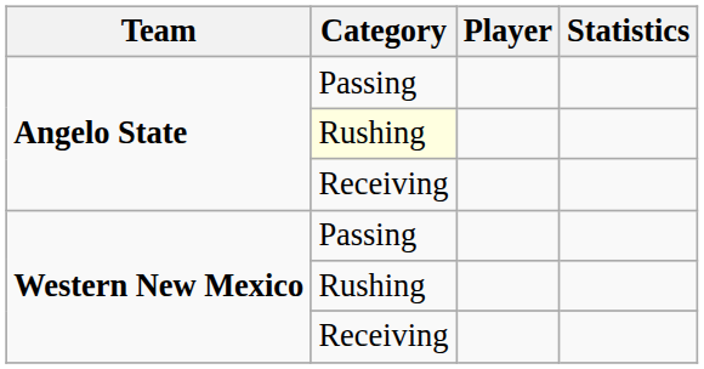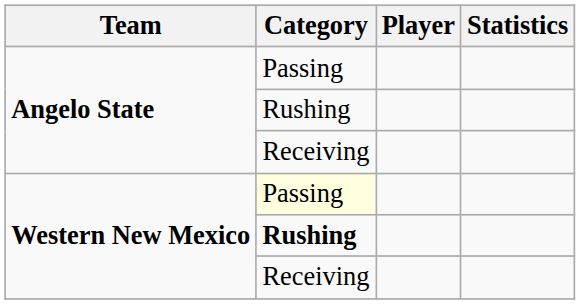 <table class="wikitable" style="float: right;">
 <tr>
 <th>Team</th>
 <th>Category</th>
 <th>Player</th>
 <th>Statistics</th>
 </tr>
 <tr>
 <td rowspan=3><strong>Angelo State</strong></td>
 <td>Passing</td>
 <td></td>
 <td></td>
 </tr>
 <tr>
-<td style="background: lightyellow;">Rushing</td>
+<td>Rushing</td>
 <td></td>
 <td></td>
 </tr>
 <tr>
 <td>Receiving</td>
 <td></td>
 <td></td>
 </tr>
 <tr>
 <td rowspan=3><strong>Western New Mexico</strong></td>
-<td>Passing</td>
+<td style="background: lightyellow;">Passing</td>
 <td></td>
 <td></td>
 </tr>
 <tr>
-<td>Rushing</td>
+<td><strong>Rushing</strong></td>
 <td></td>
 <td></td>
 </tr>
 <tr>
 <td>Receiving</td>
 <td></td>
 <td></td>
 </tr>
 </table>
